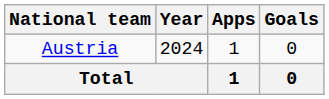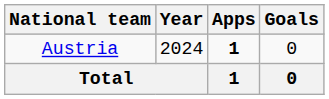 <table class=wikitable style=text-align:center>
 <tr>
 <th>National team</th>
 <th>Year</th>
 <th>Apps</th>
 <th>Goals</th>
 </tr>
 <tr>
 <td rowspan="1"><a href='#'>Austria</a></td>
 <td>2024</td>
-<td>1</td>
+<td><strong>1</strong></td>
 <td>0</td>
 </tr>
 <tr>
 <th colspan="2">Total</th>
 <th>1</th>
 <th>0</th>
 </tr>
 </table>
